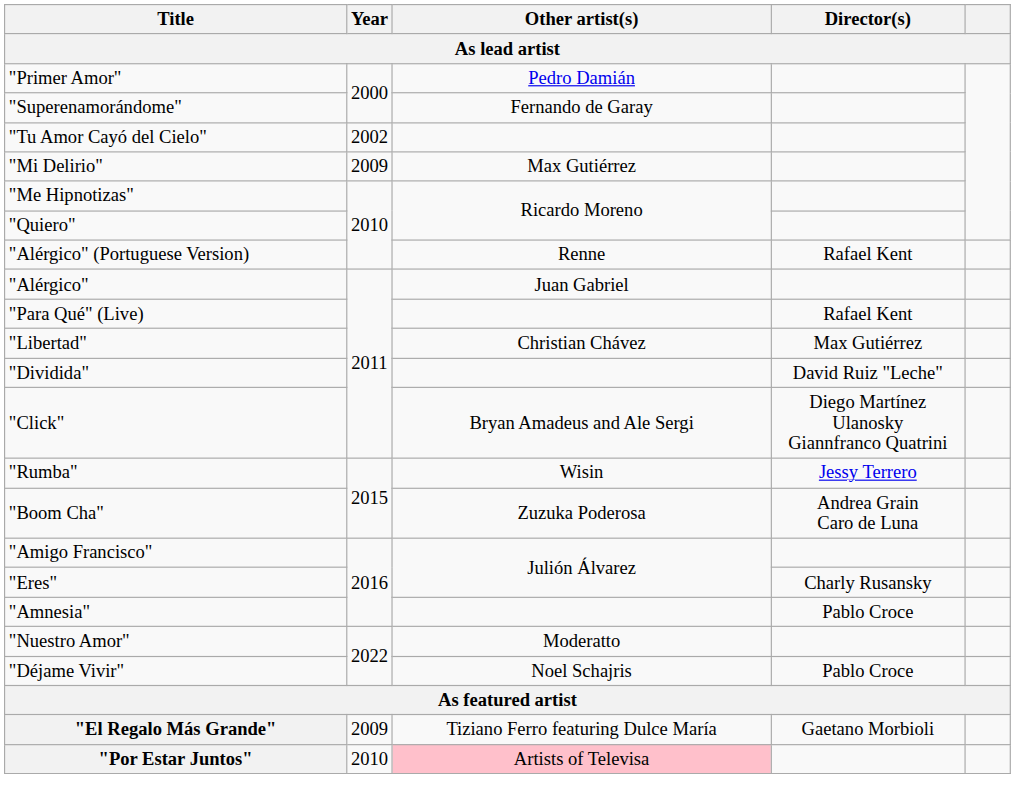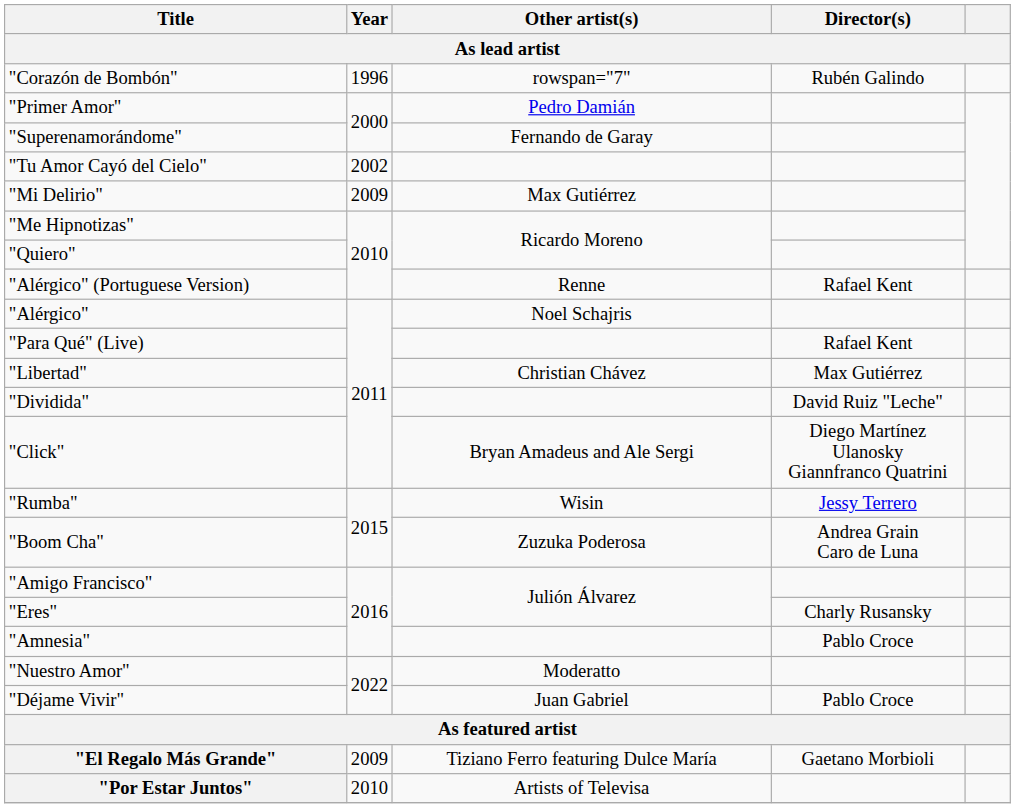 <table class="wikitable plainrowheaders" style="text-align:center;">
 <tr>
 <th scope="col" style="width:18em;">Title</th>
 <th scope="col" style="width:1em;">Year</th>
 <th scope="col" style="width:20em;">Other artist(s)</th>
 <th scope="col" style="width:10em;">Director(s)</th>
 <th scope="col" style="width:2em;"></th>
 </tr>
 <tr>
 <th scope="col" colspan="5">As lead artist</th>
+</tr>
+<tr>
+<td style="text-align:left;">"Corazón de Bombón"</td>
+<td>1996</td>
+<td>rowspan="7" </td>
+<td>Rubén Galindo</td>
+<td></td>
 </tr>
 <tr>
 <td style="text-align:left;">"Primer Amor"</td>
 <td rowspan="2">2000</td>
 <td><a href='#'>Pedro Damián</a></td>
 <td></td>
 </tr>
 <tr>
 <td style="text-align:left;">"Superenamorándome"</td>
 <td>Fernando de Garay</td>
 <td></td>
 </tr>
 <tr>
 <td style="text-align:left;">"Tu Amor Cayó del Cielo"</td>
 <td>2002</td>
 <td></td>
 <td></td>
 </tr>
 <tr>
 <td style="text-align:left;">"Mi Delirio"</td>
 <td>2009</td>
 <td>Max Gutiérrez</td>
 <td></td>
 </tr>
 <tr>
 <td style="text-align:left;">"Me Hipnotizas"</td>
 <td rowspan="3">2010</td>
 <td rowspan=2>Ricardo Moreno</td>
 <td></td>
 </tr>
 <tr>
 <td style="text-align:left;">"Quiero"</td>
 <td></td>
 </tr>
 <tr>
 <td style="text-align:left;">"Alérgico" (Portuguese Version)</td>
 <td>Renne</td>
 <td>Rafael Kent</td>
 <td></td>
 </tr>
 <tr>
 <td style="text-align:left;">"Alérgico"</td>
 <td rowspan="5">2011</td>
-<td>Juan Gabriel</td>
+<td>Noel Schajris</td>
 <td></td>
 <td></td>
 </tr>
 <tr>
 <td style="text-align:left;">"Para Qué" (Live)</td>
 <td></td>
 <td>Rafael Kent</td>
 <td></td>
 </tr>
 <tr>
 <td style="text-align:left;">"Libertad"</td>
 <td>Christian Chávez</td>
 <td>Max Gutiérrez</td>
 <td></td>
 </tr>
 <tr>
 <td style="text-align:left;">"Dividida"</td>
 <td></td>
 <td>David Ruiz "Leche"</td>
 <td></td>
 </tr>
 <tr>
 <td style="text-align:left;">"Click"</td>
 <td>Bryan Amadeus and Ale Sergi</td>
 <td>Diego Martínez Ulanosky<br>Giannfranco Quatrini</td>
 <td></td>
 </tr>
 <tr>
 <td style="text-align:left;">"Rumba"</td>
 <td rowspan=2>2015</td>
 <td>Wisin</td>
 <td><a href='#'>Jessy Terrero</a></td>
 <td></td>
 </tr>
 <tr>
 <td style="text-align:left;">"Boom Cha"</td>
 <td>Zuzuka Poderosa</td>
 <td>Andrea Grain<br>Caro de Luna</td>
 <td></td>
 </tr>
 <tr>
 <td style="text-align:left;">"Amigo Francisco"</td>
 <td rowspan=3>2016</td>
 <td rowspan=2>Julión Álvarez</td>
 <td></td>
 <td></td>
 </tr>
 <tr>
 <td style="text-align:left;">"Eres"</td>
 <td>Charly Rusansky</td>
 <td></td>
 </tr>
 <tr>
 <td style="text-align:left;">"Amnesia"</td>
 <td></td>
 <td>Pablo Croce</td>
 <td></td>
 </tr>
 <tr>
 <td style="text-align:left;">"Nuestro Amor"</td>
 <td rowspan=2>2022</td>
 <td>Moderatto</td>
 <td></td>
 <td></td>
 </tr>
 <tr>
 <td style="text-align:left;">"Déjame Vivir"</td>
-<td>Noel Schajris</td>
+<td>Juan Gabriel</td>
 <td>Pablo Croce</td>
 <td></td>
 </tr>
 <tr>
 <th scope="col" colspan="5">As featured artist</th>
 </tr>
 <tr>
 <th scope="row">"El Regalo Más Grande"</th>
 <td>2009</td>
 <td>Tiziano Ferro featuring Dulce María</td>
 <td>Gaetano Morbioli</td>
 <td></td>
 </tr>
 <tr>
 <th scope="row">"Por Estar Juntos"</th>
 <td>2010</td>
-<td style="background: pink;">Artists of Televisa</td>
+<td>Artists of Televisa</td>
 <td></td>
 <td></td>
 </tr>
 <tr>
 </tr>
 </table>
